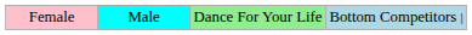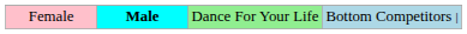 <table class="wikitable" style="margin:1em auto; text-align:center;">
 <tr>
 </tr>
 <tr>
 <td style="background:pink;" width="20%">Female</td>
-<td style="background:cyan;" width="20%">Male</td>
+<td style="background:cyan;" width="20%"><strong>Male</strong></td>
 <td style="background:lightgreen;">Dance For Your Life</td>
 <td style="background:lightblue;">Bottom Competitors <small>|</small></td>
 </tr>
 </table>
